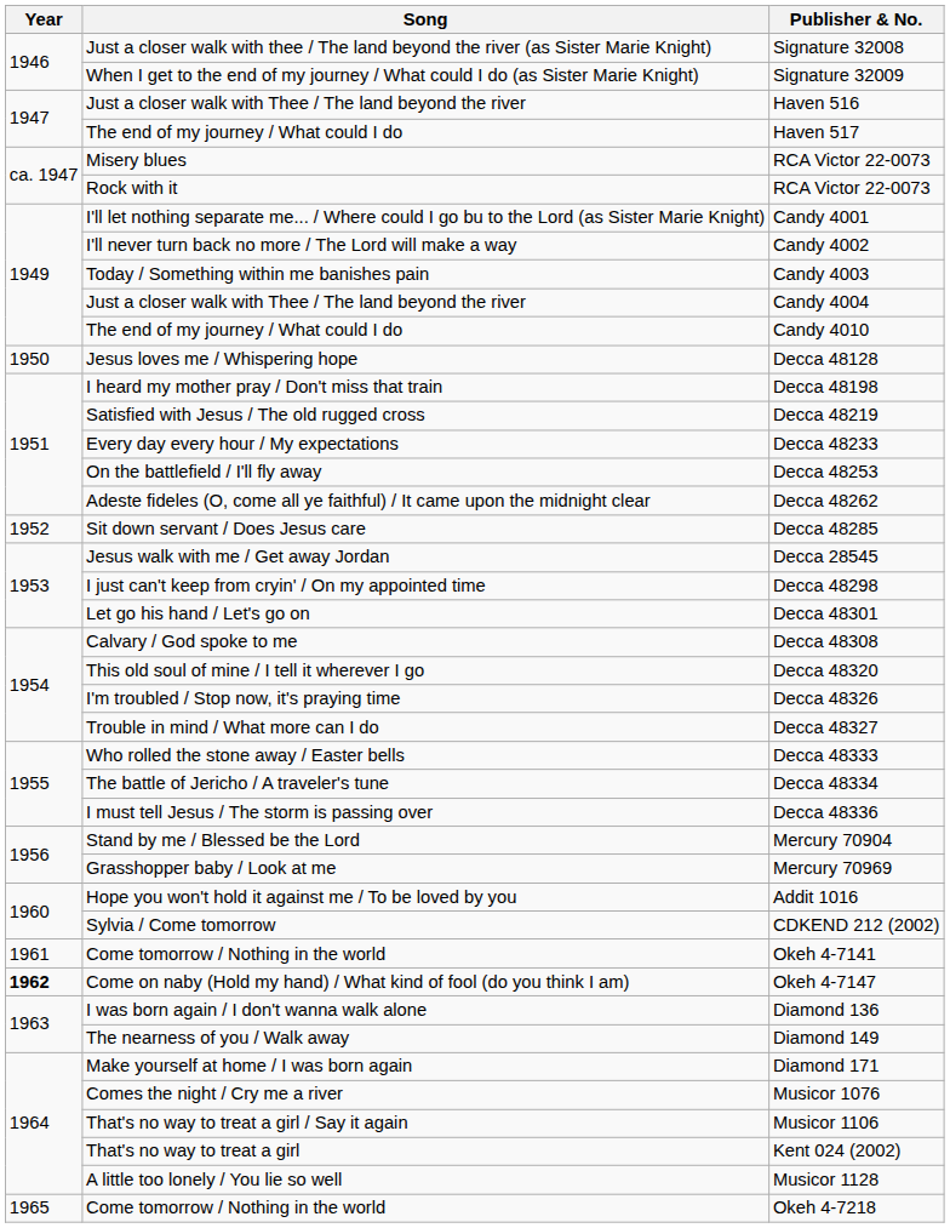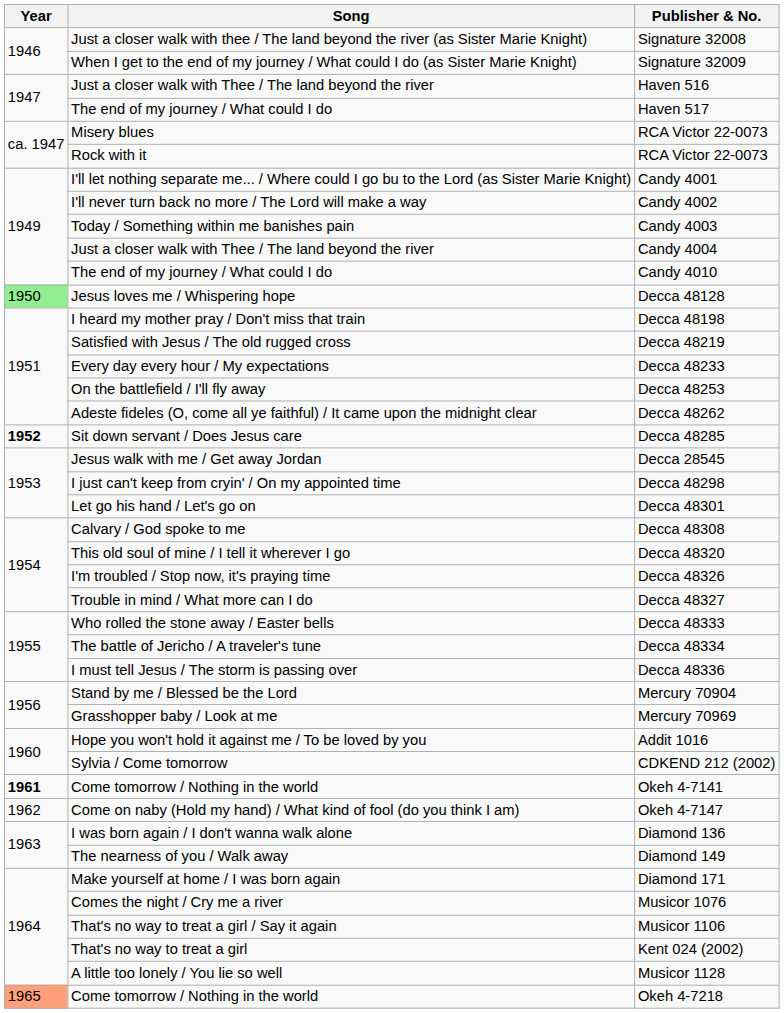 <table class="wikitable sortable" Solo artist>
 <tr>
 <th>Year</th>
 <th>Song</th>
 <th>Publisher & No.</th>
 </tr>
 <tr>
 <td rowspan="2">1946</td>
 <td>Just a closer walk with thee / The land beyond the river (as Sister Marie Knight)</td>
 <td>Signature 32008</td>
 </tr>
 <tr>
 <td>When I get to the end of my journey / What could I do (as Sister Marie Knight)</td>
 <td>Signature 32009</td>
 </tr>
 <tr>
 <td rowspan="2">1947</td>
 <td>Just a closer walk with Thee / The land beyond the river</td>
 <td>Haven 516</td>
 </tr>
 <tr>
 <td>The end of my journey / What could I do</td>
 <td>Haven 517</td>
 </tr>
 <tr>
 <td rowspan="2">ca. 1947</td>
 <td>Misery blues</td>
 <td>RCA Victor 22-0073</td>
 </tr>
 <tr>
 <td>Rock with it</td>
 <td>RCA Victor 22-0073</td>
 </tr>
 <tr>
 <td rowspan="5">1949</td>
 <td>I'll let nothing separate me... / Where could I go bu to the Lord (as Sister Marie Knight)</td>
 <td>Candy 4001</td>
 </tr>
 <tr>
 <td>I'll never turn back no more / The Lord will make a way</td>
 <td>Candy 4002</td>
 </tr>
 <tr>
 <td>Today / Something within me banishes pain</td>
 <td>Candy 4003</td>
 </tr>
 <tr>
 <td>Just a closer walk with Thee / The land beyond the river</td>
 <td>Candy 4004</td>
 </tr>
 <tr>
 <td>The end of my journey / What could I do</td>
 <td>Candy 4010</td>
 </tr>
 <tr>
-<td>1950</td>
+<td style="background: lightgreen;">1950</td>
 <td>Jesus loves me / Whispering hope</td>
 <td>Decca 48128</td>
 </tr>
 <tr>
 <td rowspan="5">1951</td>
 <td>I heard my mother pray / Don't miss that train</td>
 <td>Decca 48198</td>
 </tr>
 <tr>
 <td>Satisfied with Jesus / The old rugged cross</td>
 <td>Decca 48219</td>
 </tr>
 <tr>
 <td>Every day every hour / My expectations</td>
 <td>Decca 48233</td>
 </tr>
 <tr>
 <td>On the battlefield / I'll fly away</td>
 <td>Decca 48253</td>
 </tr>
 <tr>
 <td>Adeste fideles (O, come all ye faithful) / It came upon the midnight clear</td>
 <td>Decca 48262</td>
 </tr>
 <tr>
-<td>1952</td>
+<td><strong>1952</strong></td>
 <td>Sit down servant / Does Jesus care</td>
 <td>Decca 48285</td>
 </tr>
 <tr>
 <td rowspan="3">1953</td>
 <td>Jesus walk with me / Get away Jordan</td>
 <td>Decca 28545</td>
 </tr>
 <tr>
 <td>I just can't keep from cryin' / On my appointed time</td>
 <td>Decca 48298</td>
 </tr>
 <tr>
 <td>Let go his hand / Let's go on</td>
 <td>Decca 48301</td>
 </tr>
 <tr>
 <td rowspan="4">1954</td>
 <td>Calvary / God spoke to me</td>
 <td>Decca 48308</td>
 </tr>
 <tr>
 <td>This old soul of mine / I tell it wherever I go</td>
 <td>Decca 48320</td>
 </tr>
 <tr>
 <td>I'm troubled / Stop now, it's praying time</td>
 <td>Decca 48326</td>
 </tr>
 <tr>
 <td>Trouble in mind / What more can I do</td>
 <td>Decca 48327</td>
 </tr>
 <tr>
 <td rowspan="3">1955</td>
 <td>Who rolled the stone away / Easter bells</td>
 <td>Decca 48333</td>
 </tr>
 <tr>
 <td>The battle of Jericho / A traveler's tune</td>
 <td>Decca 48334</td>
 </tr>
 <tr>
 <td>I must tell Jesus / The storm is passing over</td>
 <td>Decca 48336</td>
 </tr>
 <tr>
 <td rowspan="2">1956</td>
 <td>Stand by me / Blessed be the Lord</td>
 <td>Mercury 70904</td>
 </tr>
 <tr>
 <td>Grasshopper baby / Look at me</td>
 <td>Mercury 70969</td>
 </tr>
 <tr>
 <td rowspan="2">1960</td>
 <td>Hope you won't hold it against me / To be loved by you</td>
 <td>Addit 1016</td>
 </tr>
 <tr>
 <td>Sylvia / Come tomorrow</td>
 <td>CDKEND 212 (2002)</td>
 </tr>
 <tr>
-<td>1961</td>
+<td><strong>1961</strong></td>
 <td>Come tomorrow / Nothing in the world</td>
 <td>Okeh 4-7141</td>
 </tr>
 <tr>
-<td><strong>1962</strong></td>
+<td>1962</td>
 <td>Come on naby (Hold my hand) / What kind of fool (do you think I am)</td>
 <td>Okeh 4-7147</td>
 </tr>
 <tr>
 <td rowspan="2">1963</td>
 <td>I was born again / I don't wanna walk alone</td>
 <td>Diamond 136</td>
 </tr>
 <tr>
 <td>The nearness of you / Walk away</td>
 <td>Diamond 149</td>
 </tr>
 <tr>
 <td rowspan="5">1964</td>
 <td>Make yourself at home / I was born again</td>
 <td>Diamond 171</td>
 </tr>
 <tr>
 <td>Comes the night / Cry me a river</td>
 <td>Musicor 1076</td>
 </tr>
 <tr>
 <td>That's no way to treat a girl / Say it again</td>
 <td>Musicor 1106</td>
 </tr>
 <tr>
 <td>That's no way to treat a girl</td>
 <td>Kent 024 (2002)</td>
 </tr>
 <tr>
 <td>A little too lonely / You lie so well</td>
 <td>Musicor 1128</td>
 </tr>
 <tr>
-<td>1965</td>
+<td style="background: lightsalmon;">1965</td>
 <td>Come tomorrow / Nothing in the world</td>
 <td>Okeh 4-7218</td>
 </tr>
 </table>
